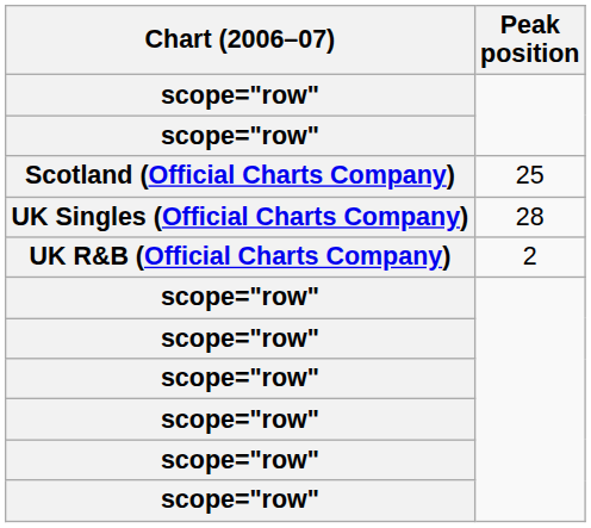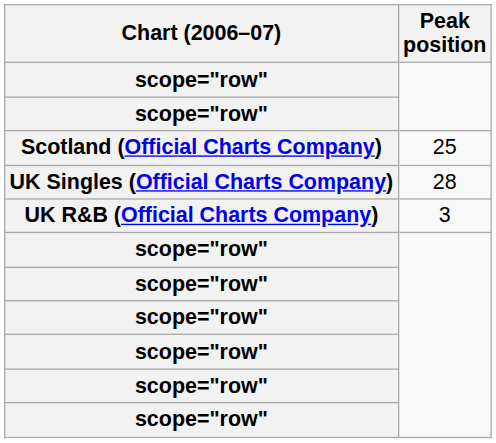 <table class="wikitable plainrowheaders sortable" style="text-align:left;" style="text-align:center">
 <tr>
 <th scope="col">Chart (2006–07)</th>
 <th scope="col">Peak<br>position</th>
 </tr>
 <tr>
 <th>scope="row" </th>
 </tr>
 <tr>
 <th>scope="row" </th>
 </tr>
 <tr>
 <th scope="row">Scotland (<a href='#'>Official Charts Company</a>)</th>
 <td align="center">25</td>
 </tr>
 <tr>
 <th scope="row">UK Singles (<a href='#'>Official Charts Company</a>)</th>
 <td align="center">28</td>
 </tr>
 <tr>
 <th scope="row">UK R&B (<a href='#'>Official Charts Company</a>)</th>
-<td align="center">2</td>
+<td align="center">3</td>
 </tr>
 <tr>
 <th>scope="row" </th>
 </tr>
 <tr>
 <th>scope="row" </th>
 </tr>
 <tr>
 <th>scope="row" </th>
 </tr>
 <tr>
 <th>scope="row" </th>
 </tr>
 <tr>
 <th>scope="row" </th>
 </tr>
 <tr>
 <th>scope="row" </th>
 </tr>
 </table>
